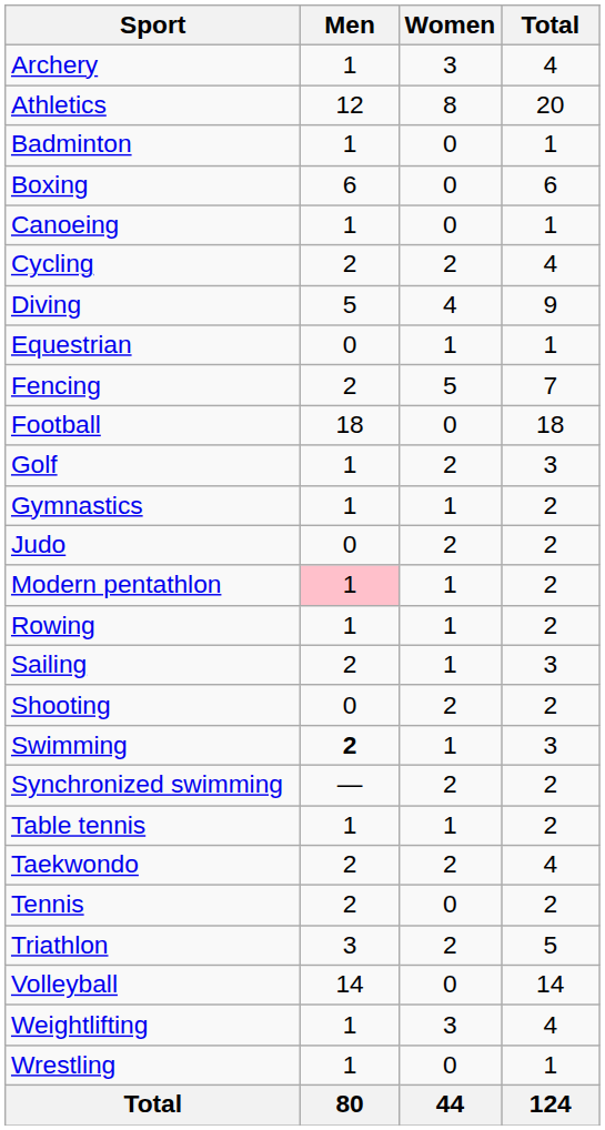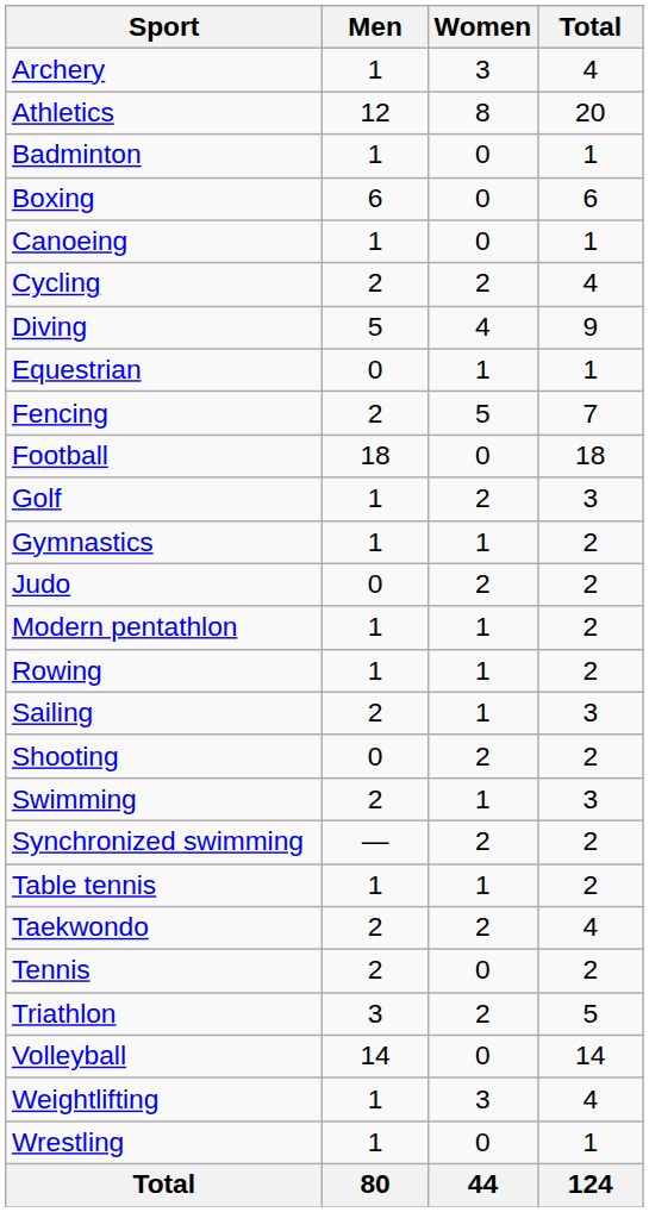 <table class="wikitable sortable" style="text-align:center;">
 <tr>
 <th width=180>Sport</th>
 <th width=55>Men</th>
 <th width=55>Women</th>
 <th width=55>Total</th>
 </tr>
 <tr>
 <td align=left><a href='#'>Archery</a></td>
 <td>1</td>
 <td>3</td>
 <td>4</td>
 </tr>
 <tr>
 <td align=left><a href='#'>Athletics</a></td>
 <td>12</td>
 <td>8</td>
 <td>20</td>
 </tr>
 <tr>
 <td align=left><a href='#'>Badminton</a></td>
 <td>1</td>
 <td>0</td>
 <td>1</td>
 </tr>
 <tr>
 <td align=left><a href='#'>Boxing</a></td>
 <td>6</td>
 <td>0</td>
 <td>6</td>
 </tr>
 <tr>
 <td align=left><a href='#'>Canoeing</a></td>
 <td>1</td>
 <td>0</td>
 <td>1</td>
 </tr>
 <tr>
 <td align=left><a href='#'>Cycling</a></td>
 <td>2</td>
 <td>2</td>
 <td>4</td>
 </tr>
 <tr>
 <td align=left><a href='#'>Diving</a></td>
 <td>5</td>
 <td>4</td>
 <td>9</td>
 </tr>
 <tr>
 <td align=left><a href='#'>Equestrian</a></td>
 <td>0</td>
 <td>1</td>
 <td>1</td>
 </tr>
 <tr>
 <td align=left><a href='#'>Fencing</a></td>
 <td>2</td>
 <td>5</td>
 <td>7</td>
 </tr>
 <tr>
 <td align=left><a href='#'>Football</a></td>
 <td>18</td>
 <td>0</td>
 <td>18</td>
 </tr>
 <tr>
 <td align=left><a href='#'>Golf</a></td>
 <td>1</td>
 <td>2</td>
 <td>3</td>
 </tr>
 <tr>
 <td align=left><a href='#'>Gymnastics</a></td>
 <td>1</td>
 <td>1</td>
 <td>2</td>
 </tr>
 <tr>
 <td align=left><a href='#'>Judo</a></td>
 <td>0</td>
 <td>2</td>
 <td>2</td>
 </tr>
 <tr>
 <td align=left><a href='#'>Modern pentathlon</a></td>
-<td style="background: pink;">1</td>
+<td>1</td>
 <td>1</td>
 <td>2</td>
 </tr>
 <tr>
 <td align=left><a href='#'>Rowing</a></td>
 <td>1</td>
 <td>1</td>
 <td>2</td>
 </tr>
 <tr>
 <td align=left><a href='#'>Sailing</a></td>
 <td>2</td>
 <td>1</td>
 <td>3</td>
 </tr>
 <tr>
 <td align=left><a href='#'>Shooting</a></td>
 <td>0</td>
 <td>2</td>
 <td>2</td>
 </tr>
 <tr>
 <td align=left><a href='#'>Swimming</a></td>
-<td><strong>2</strong></td>
+<td>2</td>
 <td>1</td>
 <td>3</td>
 </tr>
 <tr>
 <td align=left><a href='#'>Synchronized swimming</a></td>
 <td>—</td>
 <td>2</td>
 <td>2</td>
 </tr>
 <tr>
 <td align=left><a href='#'>Table tennis</a></td>
 <td>1</td>
 <td>1</td>
 <td>2</td>
 </tr>
 <tr>
 <td align=left><a href='#'>Taekwondo</a></td>
 <td>2</td>
 <td>2</td>
 <td>4</td>
 </tr>
 <tr>
 <td align=left><a href='#'>Tennis</a></td>
 <td>2</td>
 <td>0</td>
 <td>2</td>
 </tr>
 <tr>
 <td align=left><a href='#'>Triathlon</a></td>
 <td>3</td>
 <td>2</td>
 <td>5</td>
 </tr>
 <tr>
 <td align=left><a href='#'>Volleyball</a></td>
 <td>14</td>
 <td>0</td>
 <td>14</td>
 </tr>
 <tr>
 <td align=left><a href='#'>Weightlifting</a></td>
 <td>1</td>
 <td>3</td>
 <td>4</td>
 </tr>
 <tr>
 <td align=left><a href='#'>Wrestling</a></td>
 <td>1</td>
 <td>0</td>
 <td>1</td>
 </tr>
 <tr class="sortbottom">
 <th>Total</th>
 <th>80</th>
 <th>44</th>
 <th>124</th>
 </tr>
 <tr>
 </tr>
 </table>
